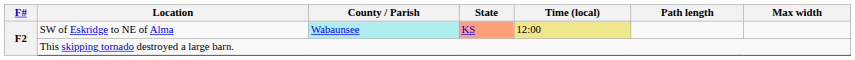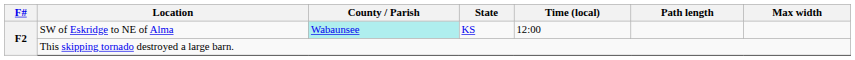 <table class="wikitable sortable" style="width:100%;">
 <tr>
 <th scope="col" align="center"><a href='#'>F#</a><br></th>
 <th scope="col" align="center" class="unsortable">Location</th>
 <th scope="col" align="center" class="unsortable">County / Parish</th>
 <th scope="col" align="center">State</th>
 <th scope="col" align="center">Time (local)</th>
 <th scope="col" align="center">Path length</th>
 <th scope="col" align="center">Max width</th>
 </tr>
 <tr>
 <th scope="row" rowspan="2" style="background-color:#">F2</th>
 <td>SW of <a href='#'>Eskridge</a> to NE of <a href='#'>Alma</a></td>
 <td style="background: paleturquoise;"><a href='#'>Wabaunsee</a></td>
-<td style="background: lightsalmon;"><a href='#'>KS</a></td>
-<td style="background: khaki;">12:00</td>
+<td><a href='#'>KS</a></td>
+<td>12:00</td>
 <td></td>
 <td></td>
 </tr>
 <tr class="expand-child">
 <td colspan="6" style="border-bottom: 1px solid black;">This <a href='#'>skipping tornado</a> destroyed a large barn.</td>
 </tr>
 </table>
